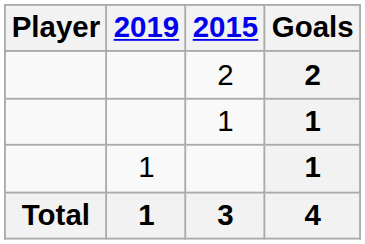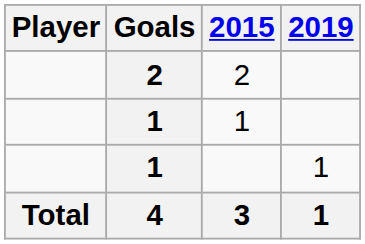 <table class="wikitable sortable" style="text-align:center;">
 <tr>
 <th>Player</th>
+<th>Goals</th>
+<th><a href='#'>2015</a></th>
 <th><a href='#'>2019</a></th>
-<th><a href='#'>2015</a></th>
-<th>Goals</th>
 </tr>
 <tr>
 <td align="left"></td>
+<th>2</th>
+<td>2</td>
 <td></td>
-<td>2</td>
-<th>2</th>
 </tr>
 <tr>
 <td align="left"></td>
+<th>1</th>
+<td>1</td>
 <td></td>
-<td>1</td>
-<th>1</th>
 </tr>
 <tr>
 <td align="left"></td>
+<th>1</th>
+<td></td>
 <td>1</td>
-<td></td>
-<th>1</th>
 </tr>
 <tr class="sortbottom">
 <th>Total</th>
+<th>4</th>
+<th>3</th>
 <th>1</th>
-<th>3</th>
-<th>4</th>
 </tr>
 </table>
